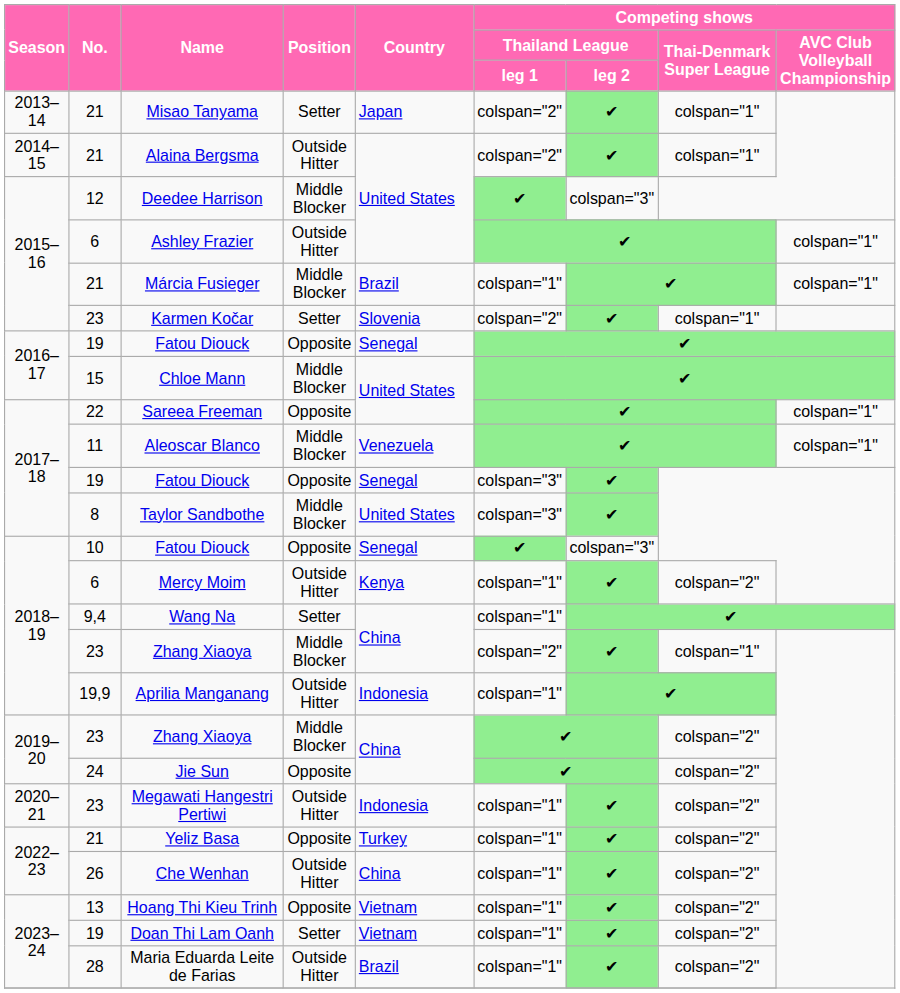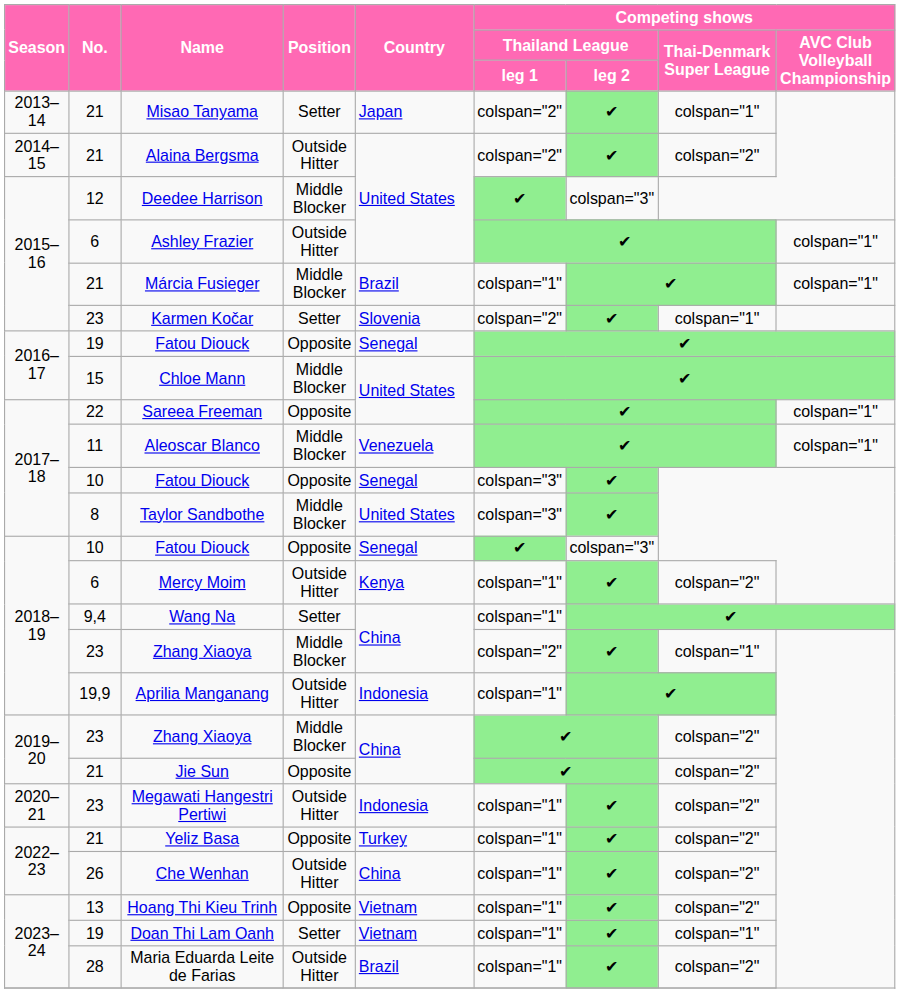 <table class="wikitable" style="text-align:center;font-size:90%;">
 <tr style= "background: #FF69B4; color: #FFFFFF; font-weight:bold;">
 <td rowspan="3" width="40">Season</td>
 <td rowspan="3" width="40">No.</td>
 <td rowspan="3" width="140">Name</td>
 <td rowspan="3" width="40">Position</td>
 <td rowspan="3" width="100">Country</td>
 <td colspan="4">Competing shows</td>
 </tr>
 <tr style= "background: #FF69B4; color: #FFFFFF; font-weight:bold;">
 <td colspan="2" width="100">Thailand League</td>
 <td rowspan="2" width="100">Thai-Denmark Super League</td>
 <td rowspan="2" width="100">AVC Club Volleyball Championship</td>
 </tr>
 <tr style= "background: #FF69B4; color: #FFFFFF; font-weight:bold;">
 <td width="50">leg 1</td>
 <td width="50">leg 2</td>
 </tr>
 <tr>
 <td rowspan="1">2013–14</td>
 <td>21</td>
 <td><a href='#'>Misao Tanyama</a></td>
 <td>Setter</td>
 <td align="left"> <a href='#'>Japan</a></td>
 <td>colspan="2" </td>
 <td colspan="1" style="background:lightgreen; text-align:center;">✔</td>
 <td>colspan="1" </td>
 </tr>
 <tr>
 <td rowspan="1">2014–15</td>
 <td>21</td>
 <td><a href='#'>Alaina Bergsma</a></td>
 <td>Outside Hitter</td>
 <td align="left" rowspan="3"> <a href='#'>United States</a></td>
 <td>colspan="2" </td>
 <td colspan="1" style="background:lightgreen; text-align:center;">✔</td>
-<td>colspan="1" </td>
+<td>colspan="2" </td>
 </tr>
 <tr>
 <td rowspan="4">2015–16</td>
 <td>12</td>
 <td><a href='#'>Deedee Harrison</a></td>
 <td>Middle Blocker</td>
 <td colspan="1" style="background:lightgreen; text-align:center;">✔</td>
 <td>colspan="3" </td>
 </tr>
 <tr>
 <td>6</td>
 <td><a href='#'>Ashley Frazier</a></td>
 <td>Outside Hitter</td>
 <td colspan="3" style="background:lightgreen; text-align:center;">✔</td>
 <td>colspan="1" </td>
 </tr>
 <tr>
 <td>21</td>
 <td><a href='#'>Márcia Fusieger</a></td>
 <td>Middle Blocker</td>
 <td align="left"> <a href='#'>Brazil</a></td>
 <td>colspan="1" </td>
 <td colspan="2" style="background:lightgreen; text-align:center;">✔</td>
 <td>colspan="1" </td>
 </tr>
 <tr>
 <td>23</td>
 <td><a href='#'>Karmen Kočar</a></td>
 <td>Setter</td>
 <td align="left"> <a href='#'>Slovenia</a></td>
 <td>colspan="2" </td>
 <td colspan="1" style="background:lightgreen; text-align:center;">✔</td>
 <td>colspan="1" </td>
 </tr>
 <tr>
 <td rowspan="2">2016–17</td>
 <td>19</td>
 <td><a href='#'>Fatou Diouck</a></td>
 <td>Opposite</td>
 <td align="left"> <a href='#'>Senegal</a></td>
 <td colspan="4" style="background:lightgreen; text-align:center;">✔</td>
 </tr>
 <tr>
 <td>15</td>
 <td><a href='#'>Chloe Mann</a></td>
 <td>Middle Blocker</td>
 <td align="left" rowspan="2"> <a href='#'>United States</a></td>
 <td colspan="4" style="background:lightgreen; text-align:center;">✔</td>
 </tr>
 <tr>
 <td rowspan="4">2017–18</td>
 <td>22</td>
 <td><a href='#'>Sareea Freeman</a></td>
 <td>Opposite</td>
 <td colspan="3" style="background:lightgreen; text-align:center;">✔</td>
 <td>colspan="1" </td>
 </tr>
 <tr>
 <td>11</td>
 <td><a href='#'>Aleoscar Blanco</a></td>
 <td>Middle Blocker</td>
 <td align="left"> <a href='#'>Venezuela</a></td>
 <td colspan="3" style="background:lightgreen; text-align:center;">✔</td>
 <td>colspan="1" </td>
 </tr>
 <tr>
-<td>19</td>
+<td>10</td>
 <td><a href='#'>Fatou Diouck</a></td>
 <td>Opposite</td>
 <td align="left"> <a href='#'>Senegal</a></td>
 <td>colspan="3" </td>
 <td colspan="1" style="background:lightgreen; text-align:center;">✔</td>
 </tr>
 <tr>
 <td>8</td>
 <td><a href='#'>Taylor Sandbothe</a></td>
 <td>Middle Blocker</td>
 <td align="left"> <a href='#'>United States</a></td>
 <td>colspan="3" </td>
 <td colspan="1" style="background:lightgreen; text-align:center;">✔</td>
 </tr>
 <tr>
 <td rowspan="5">2018–19</td>
 <td>10</td>
 <td><a href='#'>Fatou Diouck</a></td>
 <td>Opposite</td>
 <td align="left"> <a href='#'>Senegal</a></td>
 <td colspan="1" style="background:lightgreen; text-align:center;">✔</td>
 <td>colspan="3" </td>
 </tr>
 <tr>
 <td>6</td>
 <td><a href='#'>Mercy Moim</a></td>
 <td>Outside Hitter</td>
 <td align="left"> <a href='#'>Kenya</a></td>
 <td>colspan="1" </td>
 <td colspan="1" style="background:lightgreen; text-align:center;">✔</td>
 <td>colspan="2" </td>
 </tr>
 <tr>
 <td>9,4</td>
 <td><a href='#'>Wang Na</a></td>
 <td>Setter</td>
 <td align="left" rowspan="2"> <a href='#'>China</a></td>
 <td>colspan="1" </td>
 <td colspan="3" style="background:lightgreen; text-align:center;">✔</td>
 </tr>
 <tr>
 <td>23</td>
 <td><a href='#'>Zhang Xiaoya</a></td>
 <td>Middle Blocker</td>
 <td>colspan="2" </td>
 <td colspan="1" style="background:lightgreen; text-align:center;">✔</td>
 <td>colspan="1" </td>
 </tr>
 <tr>
 <td>19,9</td>
 <td><a href='#'>Aprilia Manganang</a></td>
 <td>Outside Hitter</td>
 <td align="left"> <a href='#'>Indonesia</a></td>
 <td>colspan="1" </td>
 <td colspan="2" style="background:lightgreen; text-align:center;">✔</td>
 </tr>
 <tr>
 <td rowspan="2">2019–20</td>
 <td>23</td>
 <td><a href='#'>Zhang Xiaoya</a></td>
 <td>Middle Blocker</td>
 <td align="left" rowspan="2"> <a href='#'>China</a></td>
 <td colspan="2" style="background:lightgreen; text-align:center;">✔</td>
 <td>colspan="2" </td>
 </tr>
 <tr>
-<td>24</td>
+<td>21</td>
 <td><a href='#'>Jie Sun</a></td>
 <td>Opposite</td>
 <td colspan="2" style="background:lightgreen; text-align:center;">✔</td>
 <td>colspan="2" </td>
 </tr>
 <tr>
 <td>2020–21</td>
 <td>23</td>
 <td><a href='#'>Megawati Hangestri Pertiwi</a></td>
 <td>Outside Hitter</td>
 <td align="left"> <a href='#'>Indonesia</a></td>
 <td>colspan="1" </td>
 <td colspan="1" style="background:lightgreen; text-align:center;">✔</td>
 <td>colspan="2" </td>
 </tr>
 <tr>
 <td rowspan="2">2022–23</td>
 <td>21</td>
 <td><a href='#'>Yeliz Basa</a></td>
 <td>Opposite</td>
 <td align="left"> <a href='#'>Turkey</a></td>
 <td>colspan="1" </td>
 <td colspan="1" style="background:lightgreen; text-align:center;">✔</td>
 <td>colspan="2" </td>
 </tr>
 <tr>
 <td>26</td>
 <td><a href='#'>Che Wenhan</a></td>
 <td>Outside Hitter</td>
 <td align="left"> <a href='#'>China</a></td>
 <td>colspan="1" </td>
 <td colspan="1" style="background:lightgreen; text-align:center;">✔</td>
 <td>colspan="2" </td>
 </tr>
 <tr>
 <td rowspan="3">2023–24</td>
 <td>13</td>
 <td><a href='#'>Hoang Thi Kieu Trinh</a></td>
 <td>Opposite</td>
 <td align="left"> <a href='#'>Vietnam</a></td>
 <td>colspan="1" </td>
 <td colspan="1" style="background:lightgreen; text-align:center;">✔</td>
 <td>colspan="2" </td>
 </tr>
 <tr>
 <td>19</td>
 <td><a href='#'>Doan Thi Lam Oanh</a></td>
 <td>Setter</td>
 <td align="left"> <a href='#'>Vietnam</a></td>
 <td>colspan="1" </td>
 <td colspan="1" style="background:lightgreen; text-align:center;">✔</td>
-<td>colspan="2" </td>
+<td>colspan="1" </td>
 </tr>
 <tr>
 <td>28</td>
 <td>Maria Eduarda Leite de Farias</td>
 <td>Outside Hitter</td>
 <td align="left"> <a href='#'>Brazil</a></td>
 <td>colspan="1" </td>
 <td colspan="1" style="background:lightgreen; text-align:center;">✔</td>
 <td>colspan="2" </td>
 </tr>
 <tr>
 </tr>
 </table>
